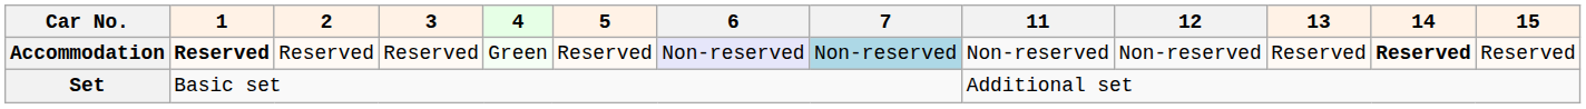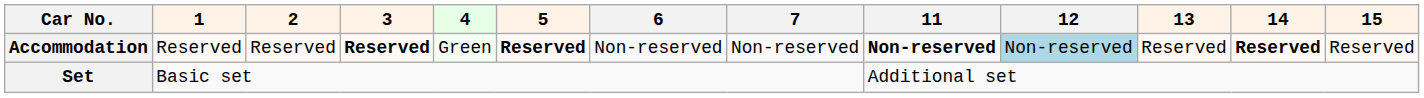 <table class="wikitable">
 <tr>
 <th>Car No.</th>
 <th style="background: #FFF2E6">1</th>
 <th style="background: #FFF2E6">2</th>
 <th style="background: #FFF2E6">3</th>
 <th style="background: #E6FFE6">4</th>
 <th style="background: #FFF2E6">5</th>
 <th>6</th>
 <th>7</th>
 <th>11</th>
 <th>12</th>
 <th style="background: #FFF2E6">13</th>
 <th style="background: #FFF2E6">14</th>
 <th style="background: #FFF2E6">15</th>
 </tr>
 <tr>
 <th>Accommodation</th>
-<td style="background: #FFFAF5"><strong>Reserved</strong></td>
 <td style="background: #FFFAF5">Reserved</td>
 <td style="background: #FFFAF5">Reserved</td>
+<td style="background: #FFFAF5"><strong>Reserved</strong></td>
 <td style="background: #F5FFF5">Green</td>
-<td style="background: #FFFAF5">Reserved</td>
-<td style="background: lavender;">Non-reserved</td>
-<td style="background: lightblue;">Non-reserved</td>
+<td style="background: #FFFAF5"><strong>Reserved</strong></td>
 <td>Non-reserved</td>
 <td>Non-reserved</td>
+<td><strong>Non-reserved</strong></td>
+<td style="background: lightblue;">Non-reserved</td>
 <td style="background: #FFFAF5">Reserved</td>
 <td style="background: #FFFAF5"><strong>Reserved</strong></td>
 <td style="background: #FFFAF5">Reserved</td>
 </tr>
 <tr>
 <th>Set</th>
 <td colspan="7">Basic set</td>
 <td colspan="5">Additional set</td>
 </tr>
 </table>
